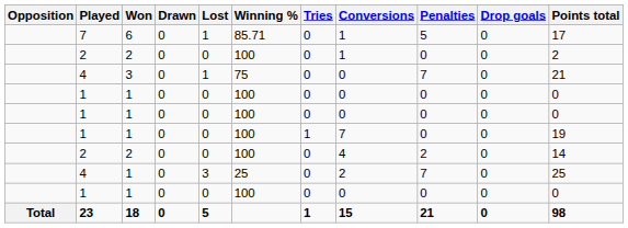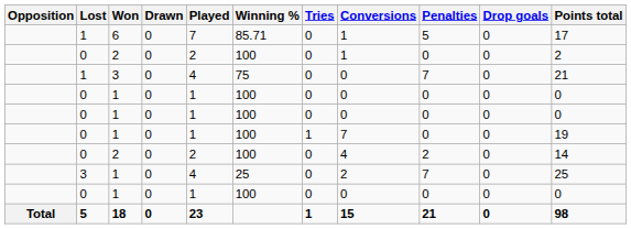 <table class="wikitable sortable" style="font-size:95%">
 <tr>
 <th>Opposition</th>
-<th>Played</th>
+<th>Lost</th>
 <th>Won</th>
 <th>Drawn</th>
-<th>Lost</th>
+<th>Played</th>
 <th>Winning %</th>
 <th><a href='#'>Tries</a></th>
 <th><a href='#'>Conversions</a></th>
 <th><a href='#'>Penalties</a></th>
 <th><a href='#'>Drop goals</a></th>
 <th>Points total</th>
 </tr>
 <tr>
 <td></td>
-<td>7</td>
+<td>1</td>
 <td>6</td>
 <td>0</td>
-<td>1</td>
+<td>7</td>
 <td>85.71</td>
 <td>0</td>
 <td>1</td>
 <td>5</td>
 <td>0</td>
 <td>17</td>
 </tr>
 <tr>
 <td></td>
-<td>2</td>
+<td>0</td>
 <td>2</td>
 <td>0</td>
-<td>0</td>
+<td>2</td>
 <td>100</td>
 <td>0</td>
 <td>1</td>
 <td>0</td>
 <td>0</td>
 <td>2</td>
 </tr>
 <tr>
 <td></td>
-<td>4</td>
+<td>1</td>
 <td>3</td>
 <td>0</td>
-<td>1</td>
+<td>4</td>
 <td>75</td>
 <td>0</td>
 <td>0</td>
 <td>7</td>
 <td>0</td>
 <td>21</td>
 </tr>
 <tr>
 <td></td>
-<td>1</td>
+<td>0</td>
 <td>1</td>
 <td>0</td>
-<td>0</td>
+<td>1</td>
 <td>100</td>
 <td>0</td>
 <td>0</td>
 <td>0</td>
 <td>0</td>
 <td>0</td>
 </tr>
 <tr>
 <td></td>
-<td>1</td>
+<td>0</td>
 <td>1</td>
 <td>0</td>
-<td>0</td>
+<td>1</td>
 <td>100</td>
 <td>0</td>
 <td>0</td>
 <td>0</td>
 <td>0</td>
 <td>0</td>
 </tr>
 <tr>
 <td></td>
-<td>1</td>
+<td>0</td>
 <td>1</td>
 <td>0</td>
-<td>0</td>
+<td>1</td>
 <td>100</td>
 <td>1</td>
 <td>7</td>
 <td>0</td>
 <td>0</td>
 <td>19</td>
 </tr>
 <tr>
 <td></td>
-<td>2</td>
+<td>0</td>
 <td>2</td>
 <td>0</td>
-<td>0</td>
+<td>2</td>
 <td>100</td>
 <td>0</td>
 <td>4</td>
 <td>2</td>
 <td>0</td>
 <td>14</td>
 </tr>
 <tr>
 <td></td>
-<td>4</td>
+<td>3</td>
 <td>1</td>
 <td>0</td>
-<td>3</td>
+<td>4</td>
 <td>25</td>
 <td>0</td>
 <td>2</td>
 <td>7</td>
 <td>0</td>
 <td>25</td>
 </tr>
 <tr>
 <td></td>
-<td>1</td>
+<td>0</td>
 <td>1</td>
 <td>0</td>
-<td>0</td>
+<td>1</td>
 <td>100</td>
 <td>0</td>
 <td>0</td>
 <td>0</td>
 <td>0</td>
 <td>0</td>
 </tr>
 <tr – class="sortbottom">
 <th><strong>Total</strong></th>
-<td><strong>23</strong></td>
+<td><strong>5</strong></td>
 <td><strong>18</strong></td>
 <td><strong>0</strong></td>
-<td><strong>5</strong></td>
+<td><strong>23</strong></td>
 <td><strong></strong></td>
 <td><strong>1</strong></td>
 <td><strong>15</strong></td>
 <td><strong>21</strong></td>
 <td><strong>0</strong></td>
 <td><strong>98</strong></td>
 </tr>
 </table>
